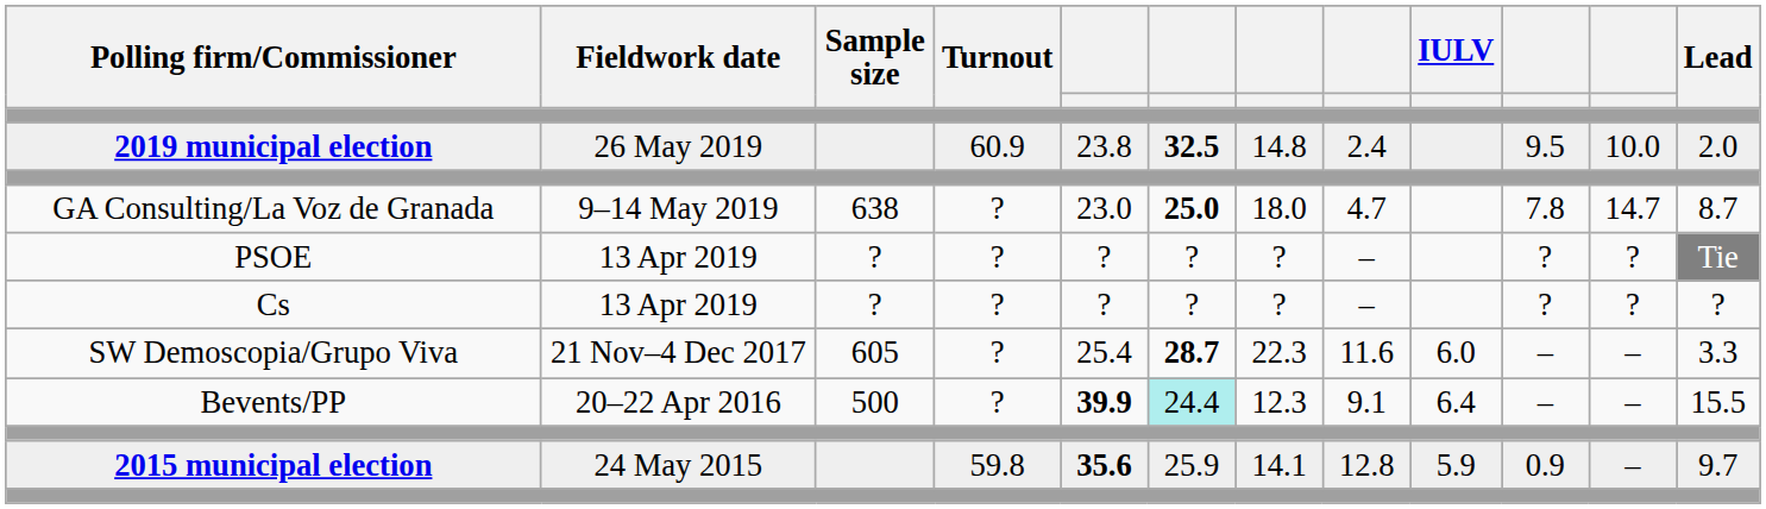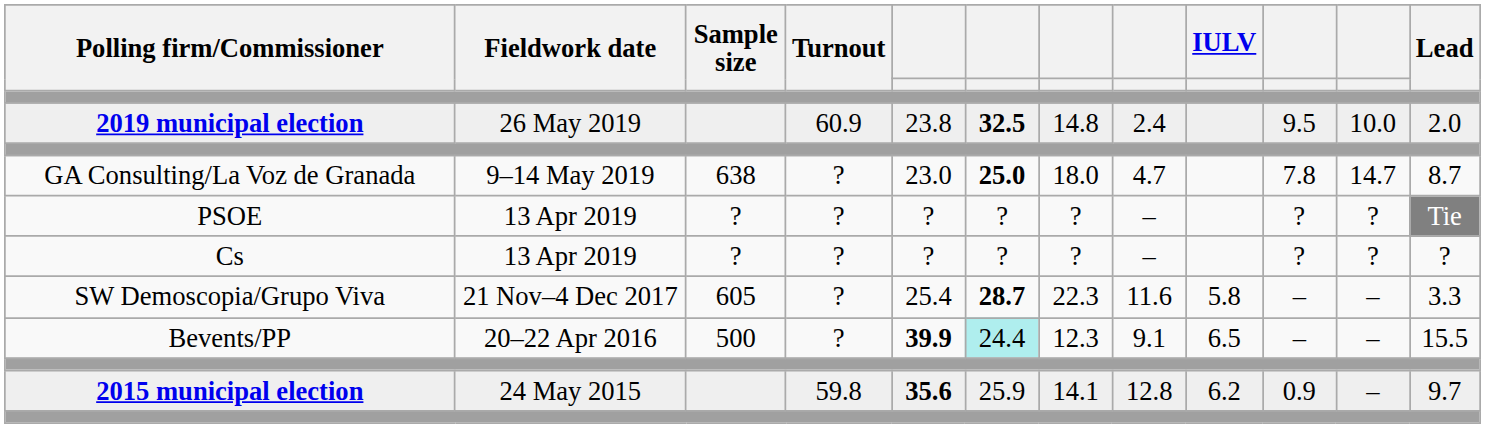 <table class="wikitable collapsible collapsed" style="text-align:center; font-size:95%; line-height:16px;">
 <tr style="height:42px;">
 <th style="width:250px;" rowspan="2">Polling firm/Commissioner</th>
 <th style="width:125px;" rowspan="2">Fieldwork date</th>
 <th style="width:50px;" rowspan="2">Sample size</th>
 <th style="width:45px;" rowspan="2">Turnout</th>
 <th style="width:35px;"></th>
 <th style="width:35px;"></th>
 <th style="width:35px;"></th>
 <th style="width:35px;"></th>
 <th style="width:35px;"><a href='#'>IULV</a></th>
 <th style="width:35px;"></th>
 <th style="width:35px;"></th>
 <th style="width:30px;" rowspan="2">Lead</th>
 </tr>
 <tr>
 <th style="color:inherit;background:"></th>
 <th style="color:inherit;background:"></th>
 <th style="color:inherit;background:"></th>
 <th style="color:inherit;background:"></th>
 <th style="color:inherit;background:"></th>
 <th style="color:inherit;background:"></th>
 <th style="color:inherit;background:"></th>
 </tr>
 <tr>
 <td colspan="12" style="background:#A0A0A0"></td>
 </tr>
 <tr style="background:#EFEFEF;">
 <td><strong><a href='#'>2019 municipal election</a></strong></td>
 <td>26 May 2019</td>
 <td></td>
 <td>60.9</td>
 <td>23.8<br></td>
 <td><strong>32.5</strong><br></td>
 <td>14.8<br></td>
 <td>2.4<br></td>
 <td></td>
 <td>9.5<br></td>
 <td>10.0<br></td>
 <td style="background:">2.0</td>
 </tr>
 <tr>
 <td colspan="12" style="background:#A0A0A0"></td>
 </tr>
 <tr>
 <td>GA Consulting/La Voz de Granada</td>
 <td>9–14 May 2019</td>
 <td>638</td>
 <td>?</td>
 <td>23.0<br></td>
 <td><strong>25.0</strong><br></td>
 <td>18.0<br></td>
 <td>4.7<br></td>
 <td></td>
 <td>7.8<br></td>
 <td>14.7<br></td>
 <td style="background:">8.7</td>
 </tr>
 <tr>
 <td>PSOE</td>
 <td>13 Apr 2019</td>
 <td>?</td>
 <td>?</td>
 <td>?<br></td>
 <td>?<br></td>
 <td>?<br></td>
 <td>–</td>
 <td></td>
 <td>?<br></td>
 <td>?<br></td>
 <td style="background:gray;color:white;">Tie</td>
 </tr>
 <tr>
 <td>Cs</td>
 <td>13 Apr 2019</td>
 <td>?</td>
 <td>?</td>
 <td>?<br></td>
 <td>?<br></td>
 <td>?<br></td>
 <td>–</td>
 <td></td>
 <td>?<br></td>
 <td>?<br></td>
 <td style="background:">?</td>
 </tr>
 <tr>
 <td>SW Demoscopia/Grupo Viva</td>
 <td>21 Nov–4 Dec 2017</td>
 <td>605</td>
 <td>?</td>
 <td>25.4<br></td>
 <td><strong>28.7</strong><br></td>
 <td>22.3<br></td>
 <td>11.6<br></td>
-<td>6.0<br></td>
+<td>5.8<br></td>
 <td>–</td>
 <td>–</td>
 <td style="background:">3.3</td>
 </tr>
 <tr>
 <td>Bevents/PP</td>
 <td>20–22 Apr 2016</td>
 <td>500</td>
 <td>?</td>
 <td><strong>39.9</strong><br></td>
 <td style="background: paleturquoise;">24.4<br></td>
 <td>12.3<br></td>
 <td>9.1<br></td>
-<td>6.4<br></td>
+<td>6.5<br></td>
 <td>–</td>
 <td>–</td>
 <td style="background:">15.5</td>
 </tr>
 <tr>
 <td colspan="12" style="background:#A0A0A0"></td>
 </tr>
 <tr style="background:#EFEFEF;">
 <td><strong><a href='#'>2015 municipal election</a></strong></td>
 <td>24 May 2015</td>
 <td></td>
 <td>59.8</td>
 <td><strong>35.6</strong><br></td>
 <td>25.9<br></td>
 <td>14.1<br></td>
 <td>12.8<br></td>
-<td>5.9<br></td>
+<td>6.2<br></td>
 <td>0.9<br></td>
 <td>–</td>
 <td style="background:">9.7</td>
 </tr>
 <tr>
 <td colspan="12" style="background:#A0A0A0"></td>
 </tr>
 </table>
